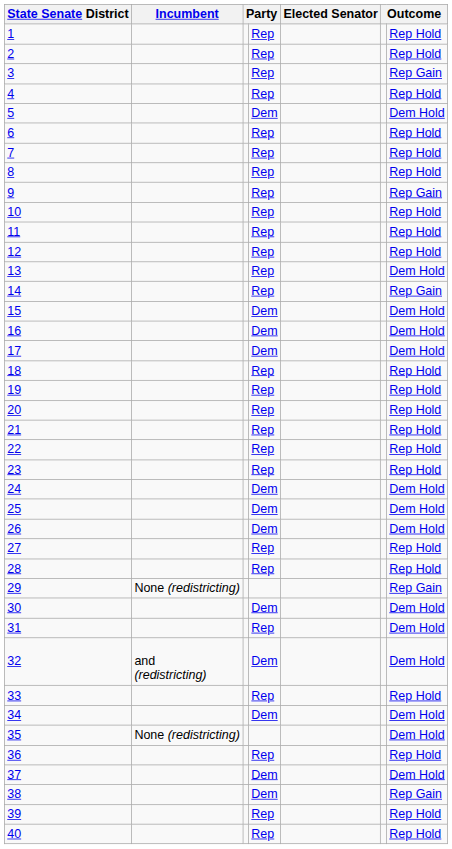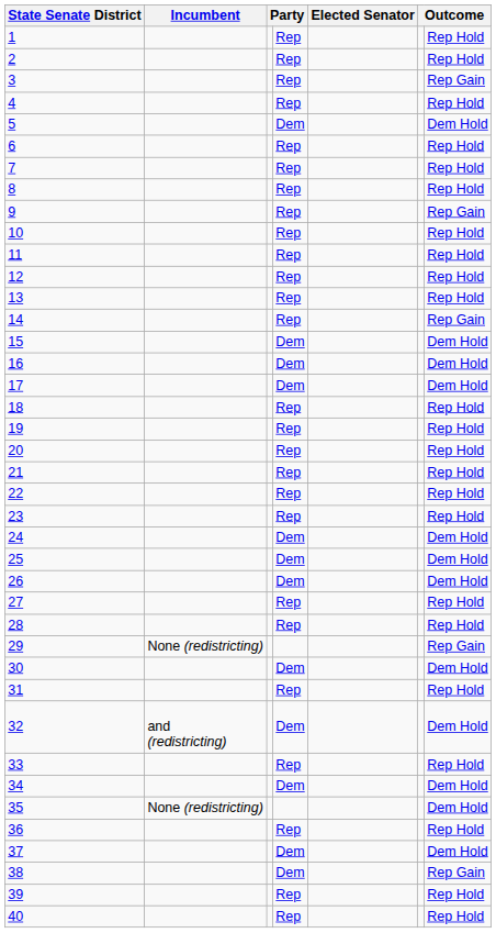 <table class="wikitable sortable">
 <tr>
 <th><a href='#'>State Senate</a> District</th>
 <th><a href='#'>Incumbent</a></th>
 <th colspan="2">Party</th>
 <th>Elected Senator</th>
 <th colspan="2">Outcome</th>
 </tr>
 <tr>
 <td><a href='#'>1</a></td>
 <td></td>
 <td style="background:"></td>
 <td><a href='#'>Rep</a></td>
 <td></td>
 <td style="background:"></td>
 <td><a href='#'>Rep Hold</a></td>
 </tr>
 <tr>
 <td><a href='#'>2</a></td>
 <td></td>
 <td style="background:"></td>
 <td><a href='#'>Rep</a></td>
 <td><em></em></td>
 <td style="background:"></td>
 <td><a href='#'>Rep Hold</a></td>
 </tr>
 <tr>
 <td><a href='#'>3</a></td>
 <td></td>
 <td style="background:"></td>
 <td><a href='#'>Rep</a></td>
 <td><strong></strong></td>
 <td style="background:"></td>
 <td><a href='#'>Rep Gain</a></td>
 </tr>
 <tr>
 <td><a href='#'>4</a></td>
 <td></td>
 <td style="background:"></td>
 <td><a href='#'>Rep</a></td>
 <td><em></em></td>
 <td style="background:"></td>
 <td><a href='#'>Rep Hold</a></td>
 </tr>
 <tr>
 <td><a href='#'>5</a></td>
 <td></td>
 <td style="background:"></td>
 <td><a href='#'>Dem</a></td>
 <td></td>
 <td style="background:"></td>
 <td><a href='#'>Dem Hold</a></td>
 </tr>
 <tr>
 <td><a href='#'>6</a></td>
 <td></td>
 <td style="background:"></td>
 <td><a href='#'>Rep</a></td>
 <td></td>
 <td style="background:"></td>
 <td><a href='#'>Rep Hold</a></td>
 </tr>
 <tr>
 <td><a href='#'>7</a></td>
 <td></td>
 <td style="background:"></td>
 <td><a href='#'>Rep</a></td>
 <td></td>
 <td style="background:"></td>
 <td><a href='#'>Rep Hold</a></td>
 </tr>
 <tr>
 <td><a href='#'>8</a></td>
 <td></td>
 <td style="background:"></td>
 <td><a href='#'>Rep</a></td>
 <td></td>
 <td style="background:"></td>
 <td><a href='#'>Rep Hold</a></td>
 </tr>
 <tr>
 <td><a href='#'>9</a></td>
 <td></td>
 <td style="background:"></td>
 <td><a href='#'>Rep</a></td>
 <td></td>
 <td style="background:"></td>
 <td><a href='#'>Rep Gain</a></td>
 </tr>
 <tr>
 <td><a href='#'>10</a></td>
 <td></td>
 <td style="background:"></td>
 <td><a href='#'>Rep</a></td>
 <td></td>
 <td style="background:"></td>
 <td><a href='#'>Rep Hold</a></td>
 </tr>
 <tr>
 <td><a href='#'>11</a></td>
 <td></td>
 <td style="background:"></td>
 <td><a href='#'>Rep</a></td>
 <td><em></em></td>
 <td style="background:"></td>
 <td><a href='#'>Rep Hold</a></td>
 </tr>
 <tr>
 <td><a href='#'>12</a></td>
 <td></td>
 <td style="background:"></td>
 <td><a href='#'>Rep</a></td>
 <td><em></em></td>
 <td style="background:"></td>
 <td><a href='#'>Rep Hold</a></td>
 </tr>
 <tr>
 <td><a href='#'>13</a></td>
 <td></td>
 <td style="background:"></td>
 <td><a href='#'>Rep</a></td>
 <td></td>
 <td style="background:"></td>
-<td><a href='#'>Dem Hold</a></td>
+<td><a href='#'>Rep Hold</a></td>
 </tr>
 <tr>
 <td><a href='#'>14</a></td>
 <td></td>
 <td style="background:"></td>
 <td><a href='#'>Rep</a></td>
 <td><strong></strong></td>
 <td style="background:"></td>
 <td><a href='#'>Rep Gain</a></td>
 </tr>
 <tr>
 <td><a href='#'>15</a></td>
 <td></td>
 <td style="background:"></td>
 <td><a href='#'>Dem</a></td>
 <td></td>
 <td style="background:"></td>
 <td><a href='#'>Dem Hold</a></td>
 </tr>
 <tr>
 <td><a href='#'>16</a></td>
 <td></td>
 <td style="background:"></td>
 <td><a href='#'>Dem</a></td>
 <td></td>
 <td style="background:"></td>
 <td><a href='#'>Dem Hold</a></td>
 </tr>
 <tr>
 <td><a href='#'>17</a></td>
 <td></td>
 <td style="background:"></td>
 <td><a href='#'>Dem</a></td>
 <td></td>
 <td style="background:"></td>
 <td><a href='#'>Dem Hold</a></td>
 </tr>
 <tr>
 <td><a href='#'>18</a></td>
 <td></td>
 <td style="background:"></td>
 <td><a href='#'>Rep</a></td>
 <td></td>
 <td style="background:"></td>
 <td><a href='#'>Rep Hold</a></td>
 </tr>
 <tr>
 <td><a href='#'>19</a></td>
 <td></td>
 <td style="background:"></td>
 <td><a href='#'>Rep</a></td>
 <td></td>
 <td style="background:"></td>
 <td><a href='#'>Rep Hold</a></td>
 </tr>
 <tr>
 <td><a href='#'>20</a></td>
 <td></td>
 <td style="background:"></td>
 <td><a href='#'>Rep</a></td>
 <td></td>
 <td style="background:"></td>
 <td><a href='#'>Rep Hold</a></td>
 </tr>
 <tr>
 <td><a href='#'>21</a></td>
 <td></td>
 <td style="background:"></td>
 <td><a href='#'>Rep</a></td>
 <td></td>
 <td style="background:"></td>
 <td><a href='#'>Rep Hold</a></td>
 </tr>
 <tr>
 <td><a href='#'>22</a></td>
 <td></td>
 <td style="background:"></td>
 <td><a href='#'>Rep</a></td>
 <td></td>
 <td style="background:"></td>
 <td><a href='#'>Rep Hold</a></td>
 </tr>
 <tr>
 <td><a href='#'>23</a></td>
 <td></td>
 <td style="background:"></td>
 <td><a href='#'>Rep</a></td>
 <td></td>
 <td style="background:"></td>
 <td><a href='#'>Rep Hold</a></td>
 </tr>
 <tr>
 <td><a href='#'>24</a></td>
 <td></td>
 <td style="background:"></td>
 <td><a href='#'>Dem</a></td>
 <td></td>
 <td style="background:"></td>
 <td><a href='#'>Dem Hold</a></td>
 </tr>
 <tr>
 <td><a href='#'>25</a></td>
 <td></td>
 <td style="background:"></td>
 <td><a href='#'>Dem</a></td>
 <td></td>
 <td style="background:"></td>
 <td><a href='#'>Dem Hold</a></td>
 </tr>
 <tr>
 <td><a href='#'>26</a></td>
 <td></td>
 <td style="background:"></td>
 <td><a href='#'>Dem</a></td>
 <td></td>
 <td style="background:"></td>
 <td><a href='#'>Dem Hold</a></td>
 </tr>
 <tr>
 <td><a href='#'>27</a></td>
 <td></td>
 <td style="background:"></td>
 <td><a href='#'>Rep</a></td>
 <td></td>
 <td style="background:"></td>
 <td><a href='#'>Rep Hold</a></td>
 </tr>
 <tr>
 <td><a href='#'>28</a></td>
 <td></td>
 <td style="background:"></td>
 <td><a href='#'>Rep</a></td>
 <td></td>
 <td style="background:"></td>
 <td><a href='#'>Rep Hold</a></td>
 </tr>
 <tr>
 <td><a href='#'>29</a></td>
 <td>None <em>(redistricting)</em></td>
 <td></td>
 <td></td>
 <td><strong></strong></td>
 <td style="background:"></td>
 <td><a href='#'>Rep Gain</a></td>
 </tr>
 <tr>
 <td><a href='#'>30</a></td>
 <td></td>
 <td style="background:"></td>
 <td><a href='#'>Dem</a></td>
 <td></td>
 <td style="background:"></td>
 <td><a href='#'>Dem Hold</a></td>
 </tr>
 <tr>
 <td><a href='#'>31</a></td>
 <td></td>
 <td style="background:"></td>
 <td><a href='#'>Rep</a></td>
 <td></td>
 <td style="background:"></td>
-<td><a href='#'>Dem Hold</a></td>
+<td><a href='#'>Rep Hold</a></td>
 </tr>
 <tr>
 <td><a href='#'>32</a></td>
 <td><br>and <br><em>(redistricting)</em></td>
 <td style="background:"></td>
 <td><a href='#'>Dem</a></td>
 <td></td>
 <td style="background:"></td>
 <td><a href='#'>Dem Hold</a></td>
 </tr>
 <tr>
 <td><a href='#'>33</a></td>
 <td></td>
 <td style="background:"></td>
 <td><a href='#'>Rep</a></td>
 <td><em></em></td>
 <td style="background:"></td>
 <td><a href='#'>Rep Hold</a></td>
 </tr>
 <tr>
 <td><a href='#'>34</a></td>
 <td></td>
 <td style="background:"></td>
 <td><a href='#'>Dem</a></td>
 <td></td>
 <td style="background:"></td>
 <td><a href='#'>Dem Hold</a></td>
 </tr>
 <tr>
 <td><a href='#'>35</a></td>
 <td>None <em>(redistricting)</em></td>
 <td></td>
 <td></td>
 <td></td>
 <td style="background:"></td>
 <td><a href='#'>Dem Hold</a></td>
 </tr>
 <tr>
 <td><a href='#'>36</a></td>
 <td></td>
 <td style="background:"></td>
 <td><a href='#'>Rep</a></td>
 <td></td>
 <td style="background:"></td>
 <td><a href='#'>Rep Hold</a></td>
 </tr>
 <tr>
 <td><a href='#'>37</a></td>
 <td></td>
 <td style="background:"></td>
 <td><a href='#'>Dem</a></td>
 <td></td>
 <td style="background:"></td>
 <td><a href='#'>Dem Hold</a></td>
 </tr>
 <tr>
 <td><a href='#'>38</a></td>
 <td></td>
 <td style="background:"></td>
 <td><a href='#'>Dem</a></td>
 <td><strong></strong></td>
 <td style="background:"></td>
 <td><a href='#'>Rep Gain</a></td>
 </tr>
 <tr>
 <td><a href='#'>39</a></td>
 <td></td>
 <td style="background:"></td>
 <td><a href='#'>Rep</a></td>
 <td></td>
 <td style="background:"></td>
 <td><a href='#'>Rep Hold</a></td>
 </tr>
 <tr>
 <td><a href='#'>40</a></td>
 <td></td>
 <td style="background:"></td>
 <td><a href='#'>Rep</a></td>
 <td></td>
 <td style="background:"></td>
 <td><a href='#'>Rep Hold</a></td>
 </tr>
 </table>
